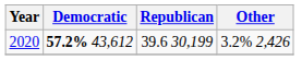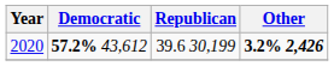 <table class="wikitable" style="float:center; margin:1em; font-size:95%;">
 <tr>
 <th>Year</th>
 <th><a href='#'>Democratic</a></th>
 <th><a href='#'>Republican</a></th>
 <th><a href='#'>Other</a></th>
 </tr>
 <tr>
 <td align="center" ><a href='#'>2020</a></td>
 <td align="center" ><strong>57.2%</strong> <em>43,612</em></td>
 <td align="center" >39.6 <em>30,199</em></td>
-<td align="center" >3.2% <em>2,426</em></td>
+<td align="center" ><strong>3.2% <em>2,426</em></strong></td>
 </tr>
 <tr>
 </tr>
 </table>
